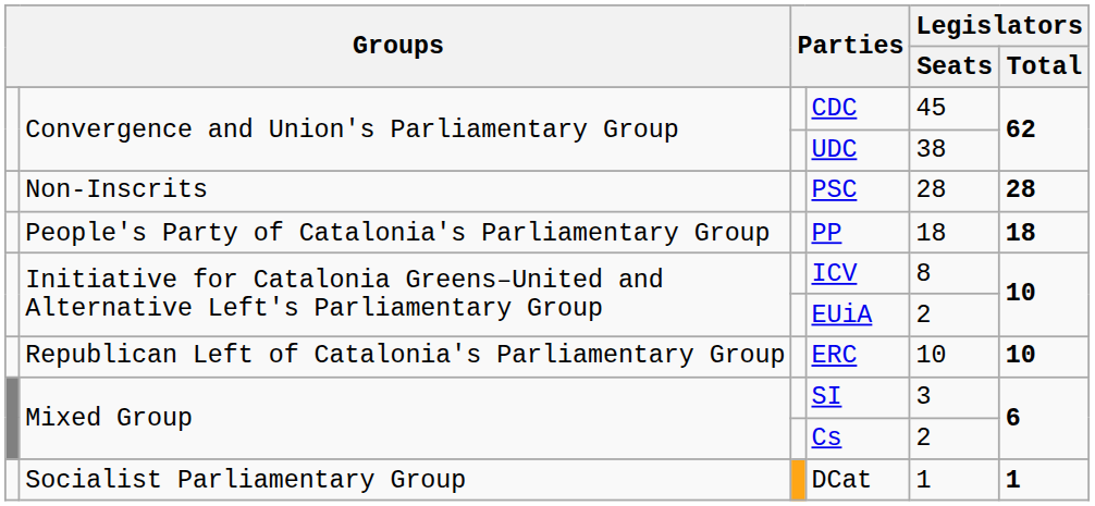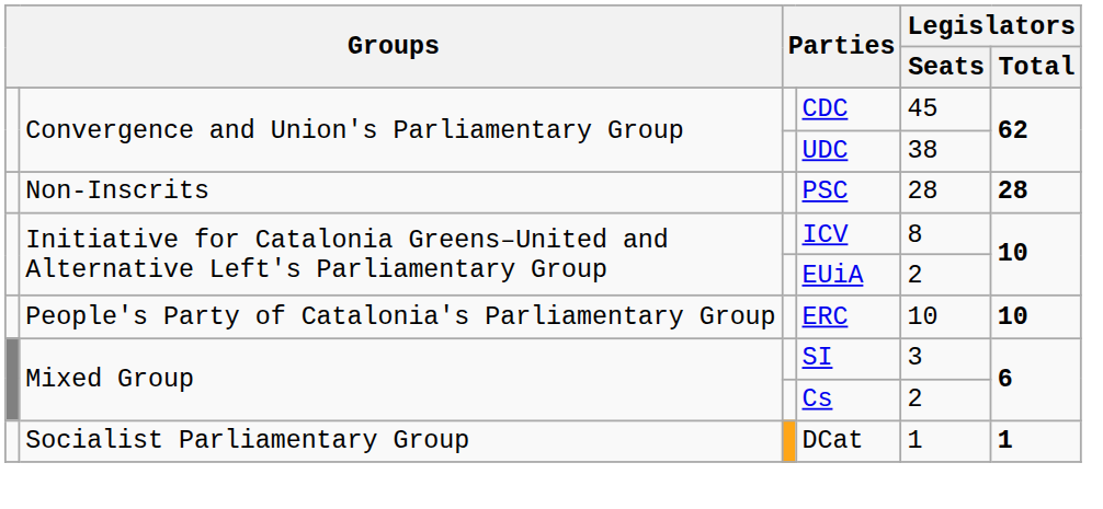 <table class="wikitable" style="text-align:left;">
 <tr>
 <th rowspan="2" colspan="2">Groups</th>
 <th rowspan="2" colspan="2">Parties</th>
 <th colspan="2">Legislators</th>
 </tr>
 <tr>
 <th>Seats</th>
 <th>Total</th>
 </tr>
 <tr>
 <td width="1" rowspan="2"></td>
 <td rowspan="2">Convergence and Union's Parliamentary Group</td>
 <td width="1" style="color:inherit;background:"></td>
 <td align="left"><a href='#'>CDC</a></td>
 <td>45</td>
 <td rowspan="2"><strong>62</strong></td>
 </tr>
 <tr>
 <td style="color:inherit;background:"></td>
 <td align="left"><a href='#'>UDC</a></td>
 <td>38</td>
 </tr>
 <tr>
 <td style="color:inherit;background:"></td>
 <td>Non-Inscrits</td>
 <td style="color:inherit;background:"></td>
 <td align="left"><a href='#'>PSC</a></td>
 <td>28</td>
 <td><strong>28</strong></td>
 </tr>
 <tr>
-<td style="color:inherit;background:"></td>
-<td>People's Party of Catalonia's Parliamentary Group</td>
-<td style="color:inherit;background:"></td>
-<td align="left"><a href='#'>PP</a></td>
-<td>18</td>
-<td><strong>18</strong></td>
-</tr>
-<tr>
 <td rowspan="2" style="color:inherit;background:"></td>
 <td rowspan="2">Initiative for Catalonia Greens–United and<br>Alternative Left's Parliamentary Group</td>
 <td style="color:inherit;background:"></td>
 <td align="left"><a href='#'>ICV</a></td>
 <td>8</td>
 <td rowspan="2"><strong>10</strong></td>
 </tr>
 <tr>
 <td style="color:inherit;background:"></td>
 <td align="left"><a href='#'>EUiA</a></td>
 <td>2</td>
 </tr>
 <tr>
 <td style="color:inherit;background:"></td>
-<td>Republican Left of Catalonia's Parliamentary Group</td>
+<td>People's Party of Catalonia's Parliamentary Group</td>
 <td style="color:inherit;background:"></td>
 <td align="left"><a href='#'>ERC</a></td>
 <td>10</td>
 <td><strong>10</strong></td>
 </tr>
 <tr>
 <td rowspan="2" bgcolor="gray"></td>
 <td rowspan="2">Mixed Group</td>
 <td style="color:inherit;background:"></td>
 <td align="left"><a href='#'>SI</a></td>
 <td>3</td>
 <td rowspan="2"><strong>6</strong></td>
 </tr>
 <tr>
 <td style="color:inherit;background:"></td>
 <td align="left"><a href='#'>Cs</a></td>
 <td>2</td>
 </tr>
 <tr>
 <td style="color:inherit;background:"></td>
 <td>Socialist Parliamentary Group</td>
 <td style="color:inherit;background:#FFA616"></td>
 <td align="left">DCat</td>
 <td>1</td>
 <td><strong>1</strong></td>
 </tr>
 </table>
